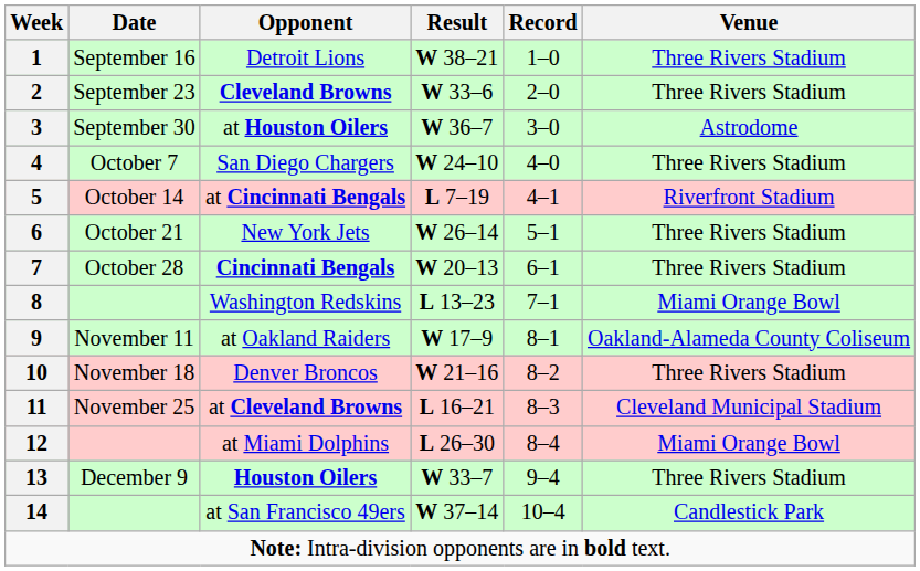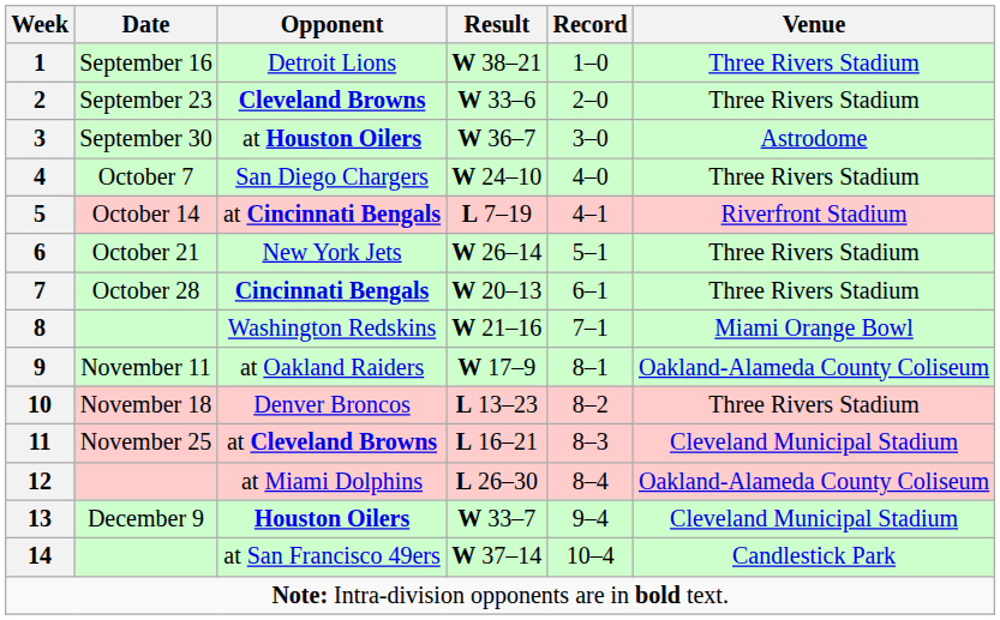 <table class="wikitable" style="text-align:center">
 <tr>
 <th>Week</th>
 <th>Date</th>
 <th>Opponent</th>
 <th>Result</th>
 <th>Record</th>
 <th>Venue</th>
 </tr>
 <tr style="background:#cfc">
 <th>1</th>
 <td>September 16</td>
 <td><a href='#'>Detroit Lions</a></td>
 <td><strong>W</strong> 38–21</td>
 <td>1–0</td>
 <td><a href='#'>Three Rivers Stadium</a></td>
 </tr>
 <tr style="background:#cfc">
 <th>2</th>
 <td>September 23</td>
 <td><strong><a href='#'>Cleveland Browns</a></strong></td>
 <td><strong>W</strong> 33–6</td>
 <td>2–0</td>
 <td>Three Rivers Stadium</td>
 </tr>
 <tr style="background:#cfc">
 <th>3</th>
 <td>September 30</td>
 <td>at <strong><a href='#'>Houston Oilers</a></strong></td>
 <td><strong>W</strong> 36–7</td>
 <td>3–0</td>
 <td><a href='#'>Astrodome</a></td>
 </tr>
 <tr style="background:#cfc">
 <th>4</th>
 <td>October 7</td>
 <td><a href='#'>San Diego Chargers</a></td>
 <td><strong>W</strong> 24–10</td>
 <td>4–0</td>
 <td>Three Rivers Stadium</td>
 </tr>
 <tr style="background:#fcc">
 <th>5</th>
 <td>October 14</td>
 <td>at <strong><a href='#'>Cincinnati Bengals</a></strong></td>
 <td><strong>L</strong> 7–19</td>
 <td>4–1</td>
 <td><a href='#'>Riverfront Stadium</a></td>
 </tr>
 <tr style="background:#cfc">
 <th>6</th>
 <td>October 21</td>
 <td><a href='#'>New York Jets</a></td>
 <td><strong>W</strong> 26–14</td>
 <td>5–1</td>
 <td>Three Rivers Stadium</td>
 </tr>
 <tr style="background:#cfc">
 <th>7</th>
 <td>October 28</td>
 <td><strong><a href='#'>Cincinnati Bengals</a></strong></td>
 <td><strong>W</strong> 20–13</td>
 <td>6–1</td>
 <td>Three Rivers Stadium</td>
 </tr>
 <tr style="background:#cfc">
 <th>8</th>
 <td></td>
 <td><a href='#'>Washington Redskins</a></td>
-<td><strong>L</strong> 13–23</td>
+<td><strong>W</strong> 21–16</td>
 <td>7–1</td>
 <td><a href='#'>Miami Orange Bowl</a></td>
 </tr>
 <tr style="background:#cfc">
 <th>9</th>
 <td>November 11</td>
 <td>at <a href='#'>Oakland Raiders</a></td>
 <td><strong>W</strong> 17–9</td>
 <td>8–1</td>
 <td><a href='#'>Oakland-Alameda County Coliseum</a></td>
 </tr>
 <tr style="background:#fcc">
 <th>10</th>
 <td>November 18</td>
 <td><a href='#'>Denver Broncos</a></td>
-<td><strong>W</strong> 21–16</td>
+<td><strong>L</strong> 13–23</td>
 <td>8–2</td>
 <td>Three Rivers Stadium</td>
 </tr>
 <tr style="background:#fcc">
 <th>11</th>
 <td>November 25</td>
 <td>at <strong><a href='#'>Cleveland Browns</a></strong></td>
 <td><strong>L</strong> 16–21</td>
 <td>8–3</td>
 <td><a href='#'>Cleveland Municipal Stadium</a></td>
 </tr>
 <tr style="background:#fcc">
 <th>12</th>
 <td></td>
 <td>at <a href='#'>Miami Dolphins</a></td>
 <td><strong>L</strong> 26–30</td>
 <td>8–4</td>
-<td><a href='#'>Miami Orange Bowl</a></td>
+<td><a href='#'>Oakland-Alameda County Coliseum</a></td>
 </tr>
 <tr style="background:#cfc">
 <th>13</th>
 <td>December 9</td>
 <td><strong><a href='#'>Houston Oilers</a></strong></td>
 <td><strong>W</strong> 33–7</td>
 <td>9–4</td>
-<td>Three Rivers Stadium</td>
+<td><a href='#'>Cleveland Municipal Stadium</a></td>
 </tr>
 <tr style="background:#cfc">
 <th>14</th>
 <td></td>
 <td>at <a href='#'>San Francisco 49ers</a></td>
 <td><strong>W</strong> 37–14</td>
 <td>10–4</td>
 <td><a href='#'>Candlestick Park</a></td>
 </tr>
 <tr>
 <td colspan="8"><strong>Note:</strong> Intra-division opponents are in <strong>bold</strong> text.</td>
 </tr>
 </table>
